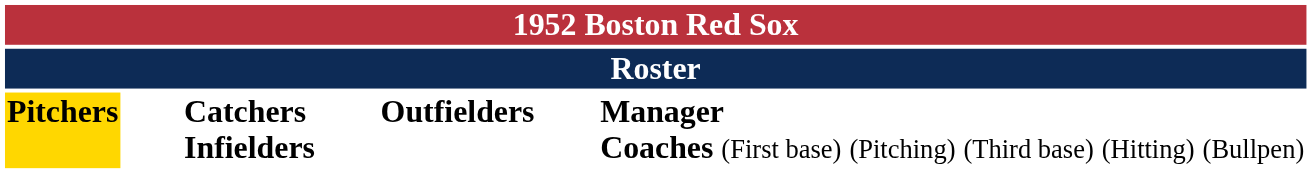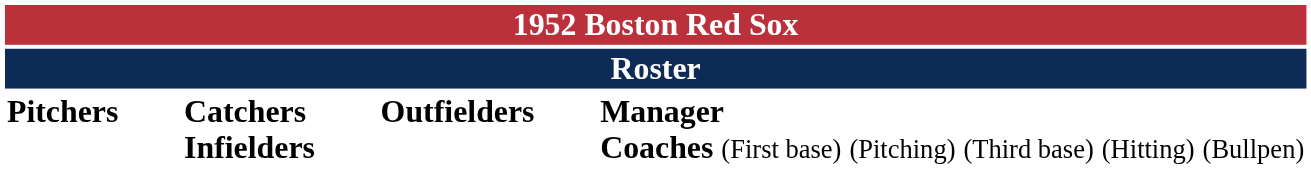 <table class="toccolours" style="text-align: left;">
 <tr>
 <th colspan="10" style="background-color: #ba313c; color: white; text-align: center;">1952 Boston Red Sox</th>
 </tr>
 <tr>
 <td colspan="10" style="background-color: #0d2b56; color: white; text-align: center;"><strong>Roster</strong></td>
 </tr>
 <tr>
-<td valign="top" style="background: gold;"><strong>Pitchers</strong><br>                 </td>
+<td valign="top"><strong>Pitchers</strong><br>                 </td>
 <td width="25px"></td>
 <td valign="top"><strong>Catchers</strong><br>    <strong>Infielders</strong>              </td>
 <td width="25px"></td>
 <td valign="top"><strong>Outfielders</strong><br>   	        </td>
 <td width="25px"></td>
 <td valign="top"><strong>Manager</strong><br> <strong>Coaches</strong>  <small>(First base)</small>  <small>(Pitching)</small>  <small>(Third base)</small>  <small>(Hitting)</small>  <small>(Bullpen)</small></td>
 </tr>
 <tr>
 </tr>
 </table>
